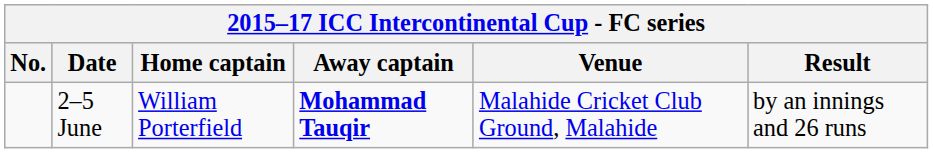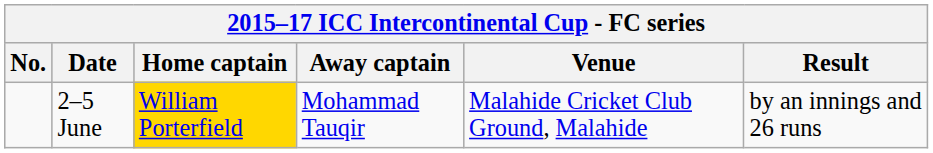 <table class="wikitable">
 <tr>
 <th colspan="9"><a href='#'>2015–17 ICC Intercontinental Cup</a> - FC series</th>
 </tr>
 <tr>
 <th>No.</th>
 <th>Date</th>
 <th>Home captain</th>
 <th>Away captain</th>
 <th>Venue</th>
 <th>Result</th>
 </tr>
 <tr>
 <td></td>
 <td>2–5 June</td>
-<td><a href='#'>William Porterfield</a></td>
-<td><strong><a href='#'>Mohammad Tauqir</a></strong></td>
+<td style="background: gold;"><a href='#'>William Porterfield</a></td>
+<td><a href='#'>Mohammad Tauqir</a></td>
 <td><a href='#'>Malahide Cricket Club Ground</a>, <a href='#'>Malahide</a></td>
 <td> by an innings and 26 runs</td>
 </tr>
 </table>
